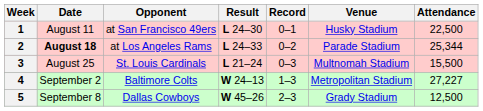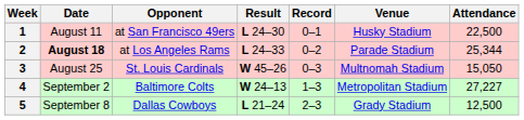 <table class="wikitable" style="text-align:center">
 <tr>
 <th>Week</th>
 <th>Date</th>
 <th>Opponent</th>
 <th>Result</th>
 <th>Record</th>
 <th>Venue</th>
 <th>Attendance</th>
 </tr>
 <tr style="background:#fcc">
 <th>1</th>
 <td>August 11</td>
 <td>at <a href='#'>San Francisco 49ers</a></td>
 <td><strong>L</strong> 24–30</td>
 <td>0–1</td>
 <td><a href='#'>Husky Stadium</a> </td>
 <td>22,500</td>
 </tr>
 <tr style="background:#fcc">
 <th>2</th>
 <td><strong>August 18</strong></td>
 <td>at <a href='#'>Los Angeles Rams</a></td>
 <td><strong>L</strong> 24–33</td>
 <td>0–2</td>
 <td><a href='#'>Parade Stadium</a> </td>
 <td>25,344</td>
 </tr>
 <tr style="background:#fcc">
 <th>3</th>
 <td>August 25</td>
 <td><a href='#'>St. Louis Cardinals</a></td>
-<td><strong>L</strong> 21–24</td>
+<td><strong>W</strong> 45–26</td>
 <td>0–3</td>
 <td><a href='#'>Multnomah Stadium</a> </td>
-<td>15,500</td>
+<td>15,050</td>
 </tr>
 <tr style="background:#cfc">
 <th>4</th>
 <td>September 2</td>
 <td><a href='#'>Baltimore Colts</a></td>
 <td><strong>W</strong> 24–13</td>
 <td>1–3</td>
 <td><a href='#'>Metropolitan Stadium</a></td>
 <td>27,227</td>
 </tr>
 <tr style="background:#cfc">
 <th>5</th>
 <td>September 8</td>
 <td><a href='#'>Dallas Cowboys</a></td>
-<td><strong>W</strong> 45–26</td>
+<td><strong>L</strong> 21–24</td>
 <td>2–3</td>
 <td><a href='#'>Grady Stadium</a> </td>
 <td>12,500</td>
 </tr>
 </table>
